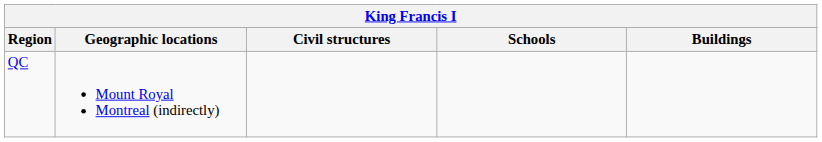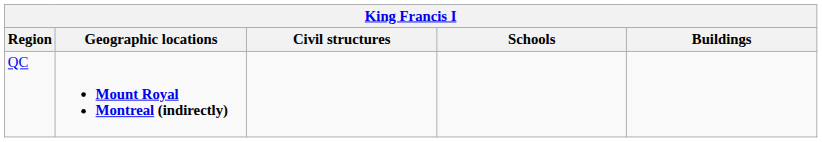 <table class="wikitable" width="100%">
 <tr>
 <th colspan="5"> <a href='#'>King Francis I</a></th>
 </tr>
 <tr>
 <th width="5%">Region</th>
 <th width="23.75%">Geographic locations</th>
 <th width="23.75%">Civil structures</th>
 <th width="23.75%">Schools</th>
 <th width="23.75%">Buildings</th>
 </tr>
 <tr>
 <td align=left valign=top> <a href='#'>QC</a></td>
-<td align=left valign=top><br><ul><li><a href='#'>Mount Royal</a></li><li><a href='#'>Montreal</a> (indirectly)</li></ul></td>
+<td align=left valign=top><strong><br><ul><li><a href='#'>Mount Royal</a></li><li><a href='#'>Montreal</a> (indirectly)</li></ul></strong></td>
 <td></td>
 <td></td>
 <td></td>
 </tr>
 </table>
